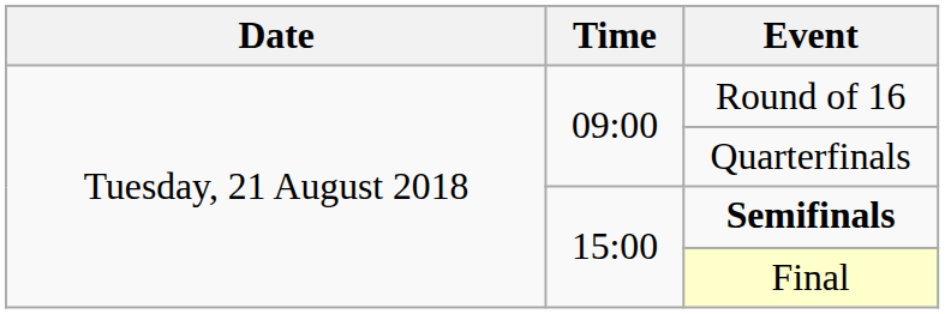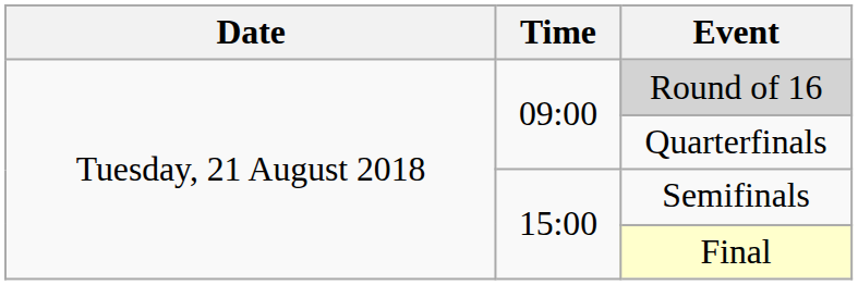 <table class = "wikitable" style="text-align:center;">
 <tr>
 <th width=220>Date</th>
 <th width=50>Time</th>
 <th width=100>Event</th>
 </tr>
 <tr>
 <td rowspan=4>Tuesday, 21 August 2018</td>
 <td rowspan=2>09:00</td>
-<td>Round of 16</td>
+<td style="background: lightgrey;">Round of 16</td>
 </tr>
 <tr>
 <td>Quarterfinals</td>
 </tr>
 <tr>
 <td rowspan=2>15:00</td>
-<td><strong>Semifinals</strong></td>
+<td>Semifinals</td>
 </tr>
 <tr>
 <td bgcolor=ffffcc>Final</td>
 </tr>
 </table>
